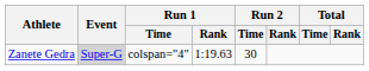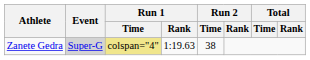 <table class="wikitable" style="font-size:90%">
 <tr>
 <th rowspan=2>Athlete</th>
 <th rowspan=2>Event</th>
 <th colspan=2>Run 1</th>
 <th colspan=2>Run 2</th>
 <th colspan=2>Total</th>
 </tr>
 <tr style="font-size:95%">
 <th>Time</th>
 <th>Rank</th>
 <th>Time</th>
 <th>Rank</th>
 <th>Time</th>
 <th>Rank</th>
 </tr>
 <tr align=center>
 <td align="left"><a href='#'>Zanete Gedra</a></td>
 <td align="left" style="background: lightgrey;"><a href='#'>Super-G</a></td>
-<td>colspan="4" </td>
+<td style="background: khaki;">colspan="4" </td>
 <td>1:19.63</td>
-<td>30</td>
+<td>38</td>
 </tr>
 </table>
